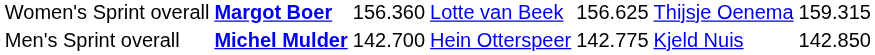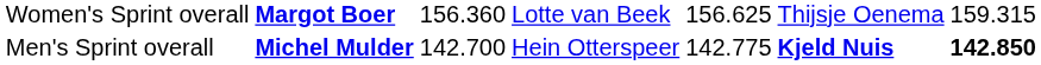 <table>
 <tr>
 <td>Women's Sprint overall</td>
 <td><strong><a href='#'>Margot Boer</a></strong></td>
 <td>156.360</td>
 <td><a href='#'>Lotte van Beek</a></td>
 <td>156.625</td>
 <td><a href='#'>Thijsje Oenema</a></td>
 <td>159.315</td>
 </tr>
 <tr>
 <td>Men's Sprint overall</td>
 <td><strong><a href='#'>Michel Mulder</a></strong></td>
 <td>142.700</td>
 <td><a href='#'>Hein Otterspeer</a></td>
 <td>142.775</td>
-<td><a href='#'>Kjeld Nuis</a></td>
-<td>142.850</td>
+<td><strong><a href='#'>Kjeld Nuis</a></strong></td>
+<td><strong>142.850</strong></td>
 </tr>
 </table>
